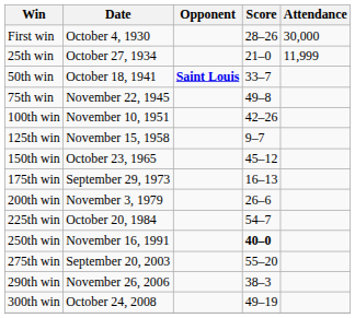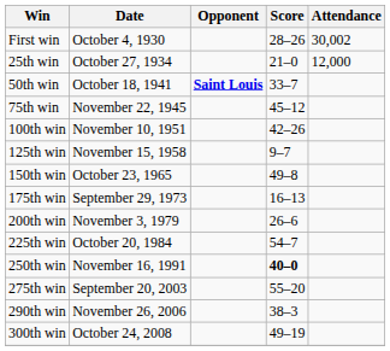 <table class="wikitable">
 <tr>
 <th>Win</th>
 <th>Date</th>
 <th>Opponent</th>
 <th>Score</th>
 <th>Attendance</th>
 </tr>
 <tr>
 <td>First win</td>
 <td>October 4, 1930</td>
 <td style=><strong> <a href='#'></a></strong></td>
 <td>28–26</td>
-<td>30,000</td>
+<td>30,002</td>
 </tr>
 <tr>
 <td>25th win</td>
 <td>October 27, 1934</td>
 <td style=><strong> <a href='#'></a></strong></td>
 <td>21–0</td>
-<td>11,999</td>
+<td>12,000</td>
 </tr>
 <tr>
 <td>50th win</td>
 <td>October 18, 1941</td>
 <td><strong><a href='#'>Saint Louis</a></strong></td>
 <td>33–7</td>
 <td></td>
 </tr>
 <tr>
 <td>75th win</td>
 <td>November 22, 1945</td>
 <td style=><strong> <a href='#'></a></strong></td>
-<td>49–8</td>
+<td>45–12</td>
 <td></td>
 </tr>
 <tr>
 <td>100th win</td>
 <td>November 10, 1951</td>
 <td style=><strong> <a href='#'></a></strong></td>
 <td>42–26</td>
 <td></td>
 </tr>
 <tr>
 <td>125th win</td>
 <td>November 15, 1958</td>
 <td style=><strong> <a href='#'></a></strong></td>
 <td>9–7</td>
 <td></td>
 </tr>
 <tr>
 <td>150th win</td>
 <td>October 23, 1965</td>
 <td style=><strong> <a href='#'></a></strong></td>
-<td>45–12</td>
+<td>49–8</td>
 <td></td>
 </tr>
 <tr>
 <td>175th win</td>
 <td>September 29, 1973</td>
 <td style=><strong> <a href='#'></a></strong></td>
 <td>16–13</td>
 <td></td>
 </tr>
 <tr>
 <td>200th win</td>
 <td>November 3, 1979</td>
 <td style=><strong> <a href='#'></a></strong></td>
 <td>26–6</td>
 <td></td>
 </tr>
 <tr>
 <td>225th win</td>
 <td>October 20, 1984</td>
 <td style=><strong> <a href='#'></a></strong></td>
 <td>54–7</td>
 <td></td>
 </tr>
 <tr>
 <td>250th win</td>
 <td>November 16, 1991</td>
 <td style=><strong> <a href='#'></a></strong></td>
 <td><strong>40–0</strong></td>
 <td></td>
 </tr>
 <tr>
 <td>275th win</td>
 <td>September 20, 2003</td>
 <td style=><strong> <a href='#'></a></strong></td>
 <td>55–20</td>
 <td></td>
 </tr>
 <tr>
 <td>290th win</td>
 <td>November 26, 2006</td>
 <td style=><strong> <a href='#'></a></strong></td>
 <td>38–3</td>
 <td></td>
 </tr>
 <tr>
 <td>300th win</td>
 <td>October 24, 2008</td>
 <td style=><strong> <a href='#'></a></strong></td>
 <td>49–19</td>
 <td></td>
 </tr>
 <tr>
 </tr>
 </table>
